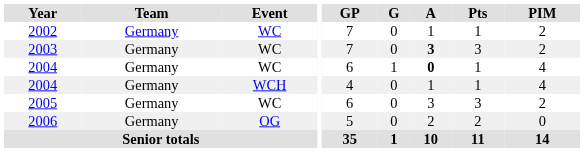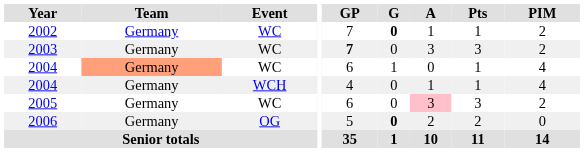 <table border="0" cellpadding="1" cellspacing="0" ID="Table3" style="text-align:center; width:40em">
 <tr ALIGN="center" bgcolor="#e0e0e0">
 <th>Year</th>
 <th>Team</th>
 <th>Event</th>
 <th rowspan="99" bgcolor="#ffffff"></th>
 <th>GP</th>
 <th>G</th>
 <th>A</th>
 <th>Pts</th>
 <th>PIM</th>
 </tr>
 <tr>
 <td><a href='#'>2002</a></td>
 <td><a href='#'>Germany</a></td>
 <td><a href='#'>WC</a></td>
 <td>7</td>
-<td>0</td>
+<td><strong>0</strong></td>
 <td>1</td>
 <td>1</td>
 <td>2</td>
 </tr>
 <tr bgcolor="#f0f0f0">
 <td><a href='#'>2003</a></td>
 <td>Germany</td>
 <td>WC</td>
-<td>7</td>
+<td><strong>7</strong></td>
 <td>0</td>
-<td><strong>3</strong></td>
+<td>3</td>
 <td>3</td>
 <td>2</td>
 </tr>
 <tr>
 <td><a href='#'>2004</a></td>
-<td>Germany</td>
+<td style="background: lightsalmon;">Germany</td>
 <td>WC</td>
 <td>6</td>
 <td>1</td>
-<td><strong>0</strong></td>
+<td>0</td>
 <td>1</td>
 <td>4</td>
 </tr>
 <tr bgcolor="#f0f0f0">
 <td><a href='#'>2004</a></td>
 <td>Germany</td>
 <td><a href='#'>WCH</a></td>
 <td>4</td>
 <td>0</td>
 <td>1</td>
 <td>1</td>
 <td>4</td>
 </tr>
 <tr>
 <td><a href='#'>2005</a></td>
 <td>Germany</td>
 <td>WC</td>
 <td>6</td>
 <td>0</td>
-<td>3</td>
+<td style="background: pink;">3</td>
 <td>3</td>
 <td>2</td>
 </tr>
 <tr bgcolor="#f0f0f0">
 <td><a href='#'>2006</a></td>
 <td>Germany</td>
 <td><a href='#'>OG</a></td>
 <td>5</td>
-<td>0</td>
+<td><strong>0</strong></td>
 <td>2</td>
 <td>2</td>
 <td>0</td>
 </tr>
 <tr style="background: #e0e0e0;">
 <th colspan="3">Senior totals</th>
 <th>35</th>
 <th>1</th>
 <th>10</th>
 <th>11</th>
 <th>14</th>
 </tr>
 </table>
